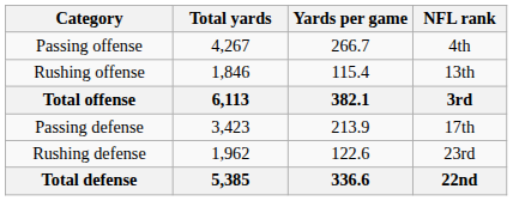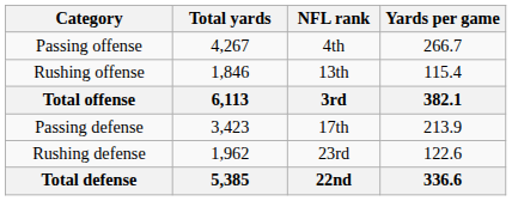 <table class="wikitable" style="text-align:center">
 <tr>
 <th width="150">Category</th>
 <th width="100">Total yards</th>
+<th width="80">NFL rank<br></th>
 <th width="110">Yards per game</th>
-<th width="80">NFL rank<br></th>
 </tr>
 <tr>
 <td>Passing offense</td>
 <td>4,267</td>
+<td>4th</td>
 <td>266.7</td>
-<td>4th</td>
 </tr>
 <tr>
 <td>Rushing offense</td>
 <td>1,846</td>
+<td>13th</td>
 <td>115.4</td>
-<td>13th</td>
 </tr>
 <tr>
 <th>Total offense</th>
 <th>6,113</th>
+<th>3rd</th>
 <th>382.1</th>
-<th>3rd</th>
 </tr>
 <tr>
 <td>Passing defense</td>
 <td>3,423</td>
+<td>17th</td>
 <td>213.9</td>
-<td>17th</td>
 </tr>
 <tr>
 <td>Rushing defense</td>
 <td>1,962</td>
+<td>23rd</td>
 <td>122.6</td>
-<td>23rd</td>
 </tr>
 <tr>
 <th>Total defense</th>
 <th>5,385</th>
+<th>22nd</th>
 <th>336.6</th>
-<th>22nd</th>
 </tr>
 </table>
